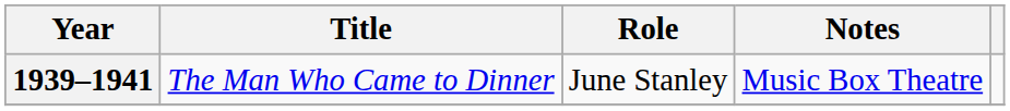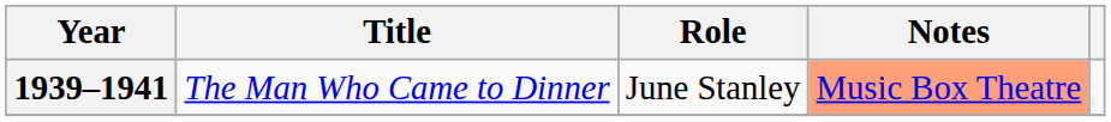 <table class="wikitable plainrowheaders sortable" style="margin-right: 0;">
 <tr>
 <th scope="col">Year</th>
 <th scope="col">Title</th>
 <th scope="col">Role</th>
 <th scope="col" class="unsortable">Notes</th>
 <th scope="col" class="unsortable"></th>
 </tr>
 <tr>
 <th scope="row">1939–1941</th>
 <td><em><a href='#'>The Man Who Came to Dinner</a></em></td>
 <td>June Stanley</td>
-<td><a href='#'>Music Box Theatre</a></td>
+<td style="background: lightsalmon;"><a href='#'>Music Box Theatre</a></td>
 <td style="text-align:center;"></td>
 </tr>
 <tr>
 </tr>
 </table>
